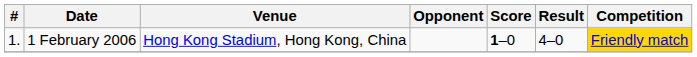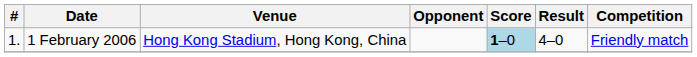 <table class="wikitable">
 <tr>
 <th>#</th>
 <th>Date</th>
 <th>Venue</th>
 <th>Opponent</th>
 <th>Score</th>
 <th>Result</th>
 <th>Competition</th>
 </tr>
 <tr>
 <td>1.</td>
 <td>1 February 2006</td>
 <td><a href='#'>Hong Kong Stadium</a>, Hong Kong, China</td>
 <td></td>
-<td><strong>1</strong>–0</td>
+<td style="background: lightblue;"><strong>1</strong>–0</td>
 <td>4–0</td>
-<td style="background: gold;"><a href='#'>Friendly match</a></td>
+<td><a href='#'>Friendly match</a></td>
 </tr>
 <tr>
 </tr>
 </table>
